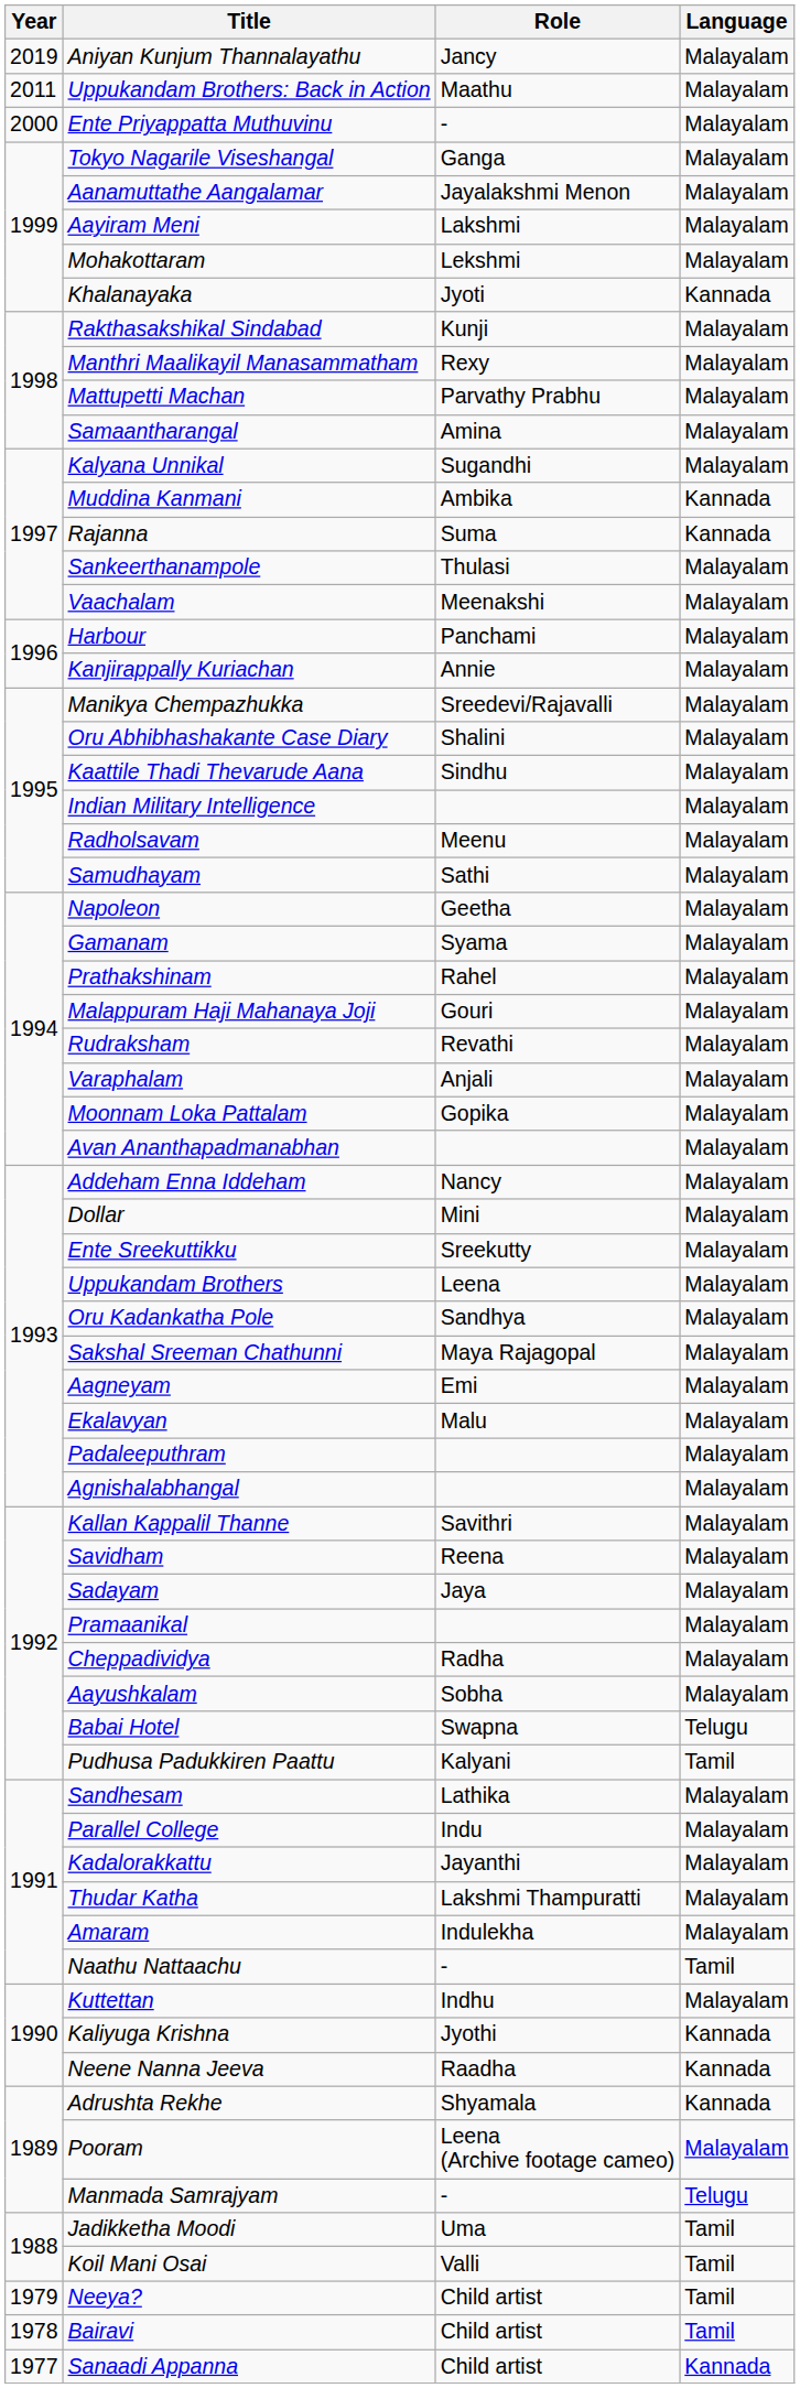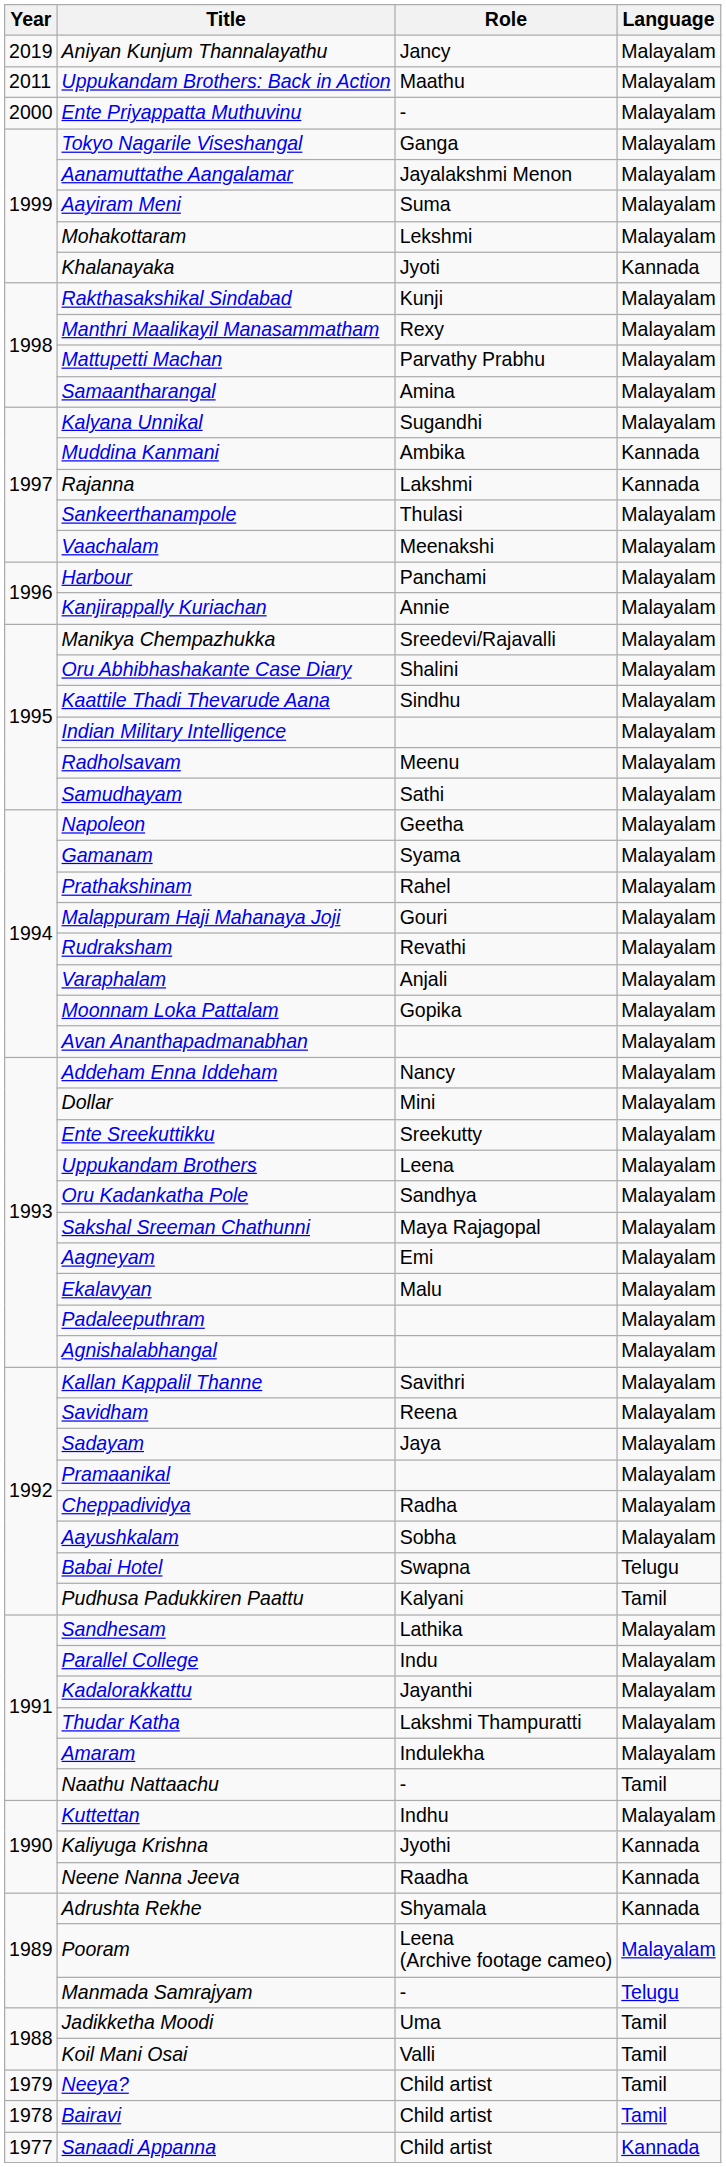 <table class="wikitable sortable">
 <tr>
 <th>Year</th>
 <th>Title</th>
 <th>Role</th>
 <th>Language</th>
 </tr>
 <tr>
 <td>2019</td>
 <td><em>Aniyan Kunjum Thannalayathu</em></td>
 <td>Jancy</td>
 <td>Malayalam</td>
 </tr>
 <tr>
 <td>2011</td>
 <td><em><a href='#'>Uppukandam Brothers: Back in Action</a></em></td>
 <td>Maathu</td>
 <td>Malayalam</td>
 </tr>
 <tr>
 <td>2000</td>
 <td><em><a href='#'>Ente Priyappatta Muthuvinu</a></em></td>
 <td>-</td>
 <td>Malayalam</td>
 </tr>
 <tr>
 <td rowspan=5>1999</td>
 <td><em><a href='#'>Tokyo Nagarile Viseshangal</a></em></td>
 <td>Ganga</td>
 <td>Malayalam</td>
 </tr>
 <tr>
 <td><em><a href='#'>Aanamuttathe Aangalamar</a></em></td>
 <td>Jayalakshmi Menon</td>
 <td>Malayalam</td>
 </tr>
 <tr>
 <td><em><a href='#'>Aayiram Meni</a></em></td>
-<td>Lakshmi</td>
+<td>Suma</td>
 <td>Malayalam</td>
 </tr>
 <tr>
 <td><em>Mohakottaram</em></td>
 <td>Lekshmi</td>
 <td>Malayalam</td>
 </tr>
 <tr>
 <td><em>Khalanayaka</em></td>
 <td>Jyoti</td>
 <td>Kannada</td>
 </tr>
 <tr>
 <td rowspan=4>1998</td>
 <td><em><a href='#'>Rakthasakshikal Sindabad</a></em></td>
 <td>Kunji</td>
 <td>Malayalam</td>
 </tr>
 <tr>
 <td><em><a href='#'>Manthri Maalikayil Manasammatham</a></em></td>
 <td>Rexy</td>
 <td>Malayalam</td>
 </tr>
 <tr>
 <td><em><a href='#'>Mattupetti Machan</a></em></td>
 <td>Parvathy Prabhu</td>
 <td>Malayalam</td>
 </tr>
 <tr>
 <td><em><a href='#'>Samaantharangal</a></em></td>
 <td>Amina</td>
 <td>Malayalam</td>
 </tr>
 <tr>
 <td rowspan=5>1997</td>
 <td><em><a href='#'>Kalyana Unnikal</a></em></td>
 <td>Sugandhi</td>
 <td>Malayalam</td>
 </tr>
 <tr>
 <td><em><a href='#'>Muddina Kanmani</a></em></td>
 <td>Ambika</td>
 <td>Kannada</td>
 </tr>
 <tr>
 <td><em>Rajanna</em></td>
-<td>Suma</td>
+<td>Lakshmi</td>
 <td>Kannada</td>
 </tr>
 <tr>
 <td><em><a href='#'>Sankeerthanampole</a></em></td>
 <td>Thulasi</td>
 <td>Malayalam</td>
 </tr>
 <tr>
 <td><em><a href='#'>Vaachalam</a></em></td>
 <td>Meenakshi</td>
 <td>Malayalam</td>
 </tr>
 <tr>
 <td rowspan=2>1996</td>
 <td><em><a href='#'>Harbour</a></em></td>
 <td>Panchami</td>
 <td>Malayalam</td>
 </tr>
 <tr>
 <td><em><a href='#'>Kanjirappally Kuriachan</a></em></td>
 <td>Annie</td>
 <td>Malayalam</td>
 </tr>
 <tr>
 <td rowspan=6>1995</td>
 <td><em>Manikya Chempazhukka</em></td>
 <td>Sreedevi/Rajavalli</td>
 <td>Malayalam</td>
 </tr>
 <tr>
 <td><em><a href='#'>Oru Abhibhashakante Case Diary</a></em></td>
 <td>Shalini</td>
 <td>Malayalam</td>
 </tr>
 <tr>
 <td><em><a href='#'>Kaattile Thadi Thevarude Aana</a></em></td>
 <td>Sindhu</td>
 <td>Malayalam</td>
 </tr>
 <tr>
 <td><em><a href='#'>Indian Military Intelligence</a></em></td>
 <td></td>
 <td>Malayalam</td>
 </tr>
 <tr>
 <td><em><a href='#'>Radholsavam</a></em></td>
 <td>Meenu</td>
 <td>Malayalam</td>
 </tr>
 <tr>
 <td><em><a href='#'>Samudhayam</a></em></td>
 <td>Sathi</td>
 <td>Malayalam</td>
 </tr>
 <tr>
 <td rowspan=8>1994</td>
 <td><em><a href='#'>Napoleon</a></em></td>
 <td>Geetha</td>
 <td>Malayalam</td>
 </tr>
 <tr>
 <td><em><a href='#'>Gamanam</a></em></td>
 <td>Syama</td>
 <td>Malayalam</td>
 </tr>
 <tr>
 <td><em><a href='#'>Prathakshinam</a></em></td>
 <td>Rahel</td>
 <td>Malayalam</td>
 </tr>
 <tr>
 <td><em><a href='#'>Malappuram Haji Mahanaya Joji</a></em></td>
 <td>Gouri</td>
 <td>Malayalam</td>
 </tr>
 <tr>
 <td><em><a href='#'>Rudraksham</a></em></td>
 <td>Revathi</td>
 <td>Malayalam</td>
 </tr>
 <tr>
 <td><em><a href='#'>Varaphalam</a></em></td>
 <td>Anjali</td>
 <td>Malayalam</td>
 </tr>
 <tr>
 <td><em><a href='#'>Moonnam Loka Pattalam</a></em></td>
 <td>Gopika</td>
 <td>Malayalam</td>
 </tr>
 <tr>
 <td><em><a href='#'>Avan Ananthapadmanabhan</a></em></td>
 <td></td>
 <td>Malayalam</td>
 </tr>
 <tr>
 <td rowspan=10>1993</td>
 <td><em><a href='#'>Addeham Enna Iddeham</a></em></td>
 <td>Nancy</td>
 <td>Malayalam</td>
 </tr>
 <tr>
 <td><em>Dollar</em></td>
 <td>Mini</td>
 <td>Malayalam</td>
 </tr>
 <tr>
 <td><em><a href='#'>Ente Sreekuttikku</a></em></td>
 <td>Sreekutty</td>
 <td>Malayalam</td>
 </tr>
 <tr>
 <td><em><a href='#'>Uppukandam Brothers</a></em></td>
 <td>Leena</td>
 <td>Malayalam</td>
 </tr>
 <tr>
 <td><em><a href='#'>Oru Kadankatha Pole</a></em></td>
 <td>Sandhya</td>
 <td>Malayalam</td>
 </tr>
 <tr>
 <td><em><a href='#'>Sakshal Sreeman Chathunni</a></em></td>
 <td>Maya Rajagopal</td>
 <td>Malayalam</td>
 </tr>
 <tr>
 <td><em><a href='#'>Aagneyam</a></em></td>
 <td>Emi</td>
 <td>Malayalam</td>
 </tr>
 <tr>
 <td><em><a href='#'>Ekalavyan</a></em></td>
 <td>Malu</td>
 <td>Malayalam</td>
 </tr>
 <tr>
 <td><em><a href='#'>Padaleeputhram</a></em></td>
 <td></td>
 <td>Malayalam</td>
 </tr>
 <tr>
 <td><em><a href='#'>Agnishalabhangal</a></em></td>
 <td></td>
 <td>Malayalam</td>
 </tr>
 <tr>
 <td rowspan=8>1992</td>
 <td><em><a href='#'>Kallan Kappalil Thanne</a></em></td>
 <td>Savithri</td>
 <td>Malayalam</td>
 </tr>
 <tr>
 <td><em><a href='#'>Savidham</a></em></td>
 <td>Reena</td>
 <td>Malayalam</td>
 </tr>
 <tr>
 <td><em><a href='#'>Sadayam</a></em></td>
 <td>Jaya</td>
 <td>Malayalam</td>
 </tr>
 <tr>
 <td><em><a href='#'>Pramaanikal</a></em></td>
 <td></td>
 <td>Malayalam</td>
 </tr>
 <tr>
 <td><em><a href='#'>Cheppadividya</a></em></td>
 <td>Radha</td>
 <td>Malayalam</td>
 </tr>
 <tr>
 <td><em><a href='#'>Aayushkalam</a></em></td>
 <td>Sobha</td>
 <td>Malayalam</td>
 </tr>
 <tr>
 <td><em><a href='#'>Babai Hotel</a></em></td>
 <td>Swapna</td>
 <td>Telugu</td>
 </tr>
 <tr>
 <td><em>Pudhusa Padukkiren Paattu</em></td>
 <td>Kalyani</td>
 <td>Tamil</td>
 </tr>
 <tr>
 <td rowspan=6>1991</td>
 <td><em><a href='#'>Sandhesam</a></em></td>
 <td>Lathika</td>
 <td>Malayalam</td>
 </tr>
 <tr>
 <td><em><a href='#'>Parallel College</a></em></td>
 <td>Indu</td>
 <td>Malayalam</td>
 </tr>
 <tr>
 <td><em><a href='#'>Kadalorakkattu</a></em></td>
 <td>Jayanthi</td>
 <td>Malayalam</td>
 </tr>
 <tr>
 <td><em><a href='#'>Thudar Katha</a></em></td>
 <td>Lakshmi Thampuratti</td>
 <td>Malayalam</td>
 </tr>
 <tr>
 <td><em><a href='#'>Amaram</a></em></td>
 <td>Indulekha</td>
 <td>Malayalam</td>
 </tr>
 <tr>
 <td><em>Naathu Nattaachu</em></td>
 <td>-</td>
 <td>Tamil</td>
 </tr>
 <tr>
 <td rowspan=3>1990</td>
 <td><em><a href='#'>Kuttettan</a></em></td>
 <td>Indhu</td>
 <td>Malayalam</td>
 </tr>
 <tr>
 <td><em>Kaliyuga Krishna</em></td>
 <td>Jyothi</td>
 <td>Kannada</td>
 </tr>
 <tr>
 <td><em>Neene Nanna Jeeva</em></td>
 <td>Raadha</td>
 <td>Kannada</td>
 </tr>
 <tr>
 <td rowspan=3>1989</td>
 <td><em>Adrushta Rekhe</em></td>
 <td>Shyamala</td>
 <td>Kannada</td>
 </tr>
 <tr>
 <td><em>Pooram</em></td>
 <td>Leena <br>(Archive footage cameo)</td>
 <td><a href='#'>Malayalam</a></td>
 </tr>
 <tr>
 <td><em>Manmada Samrajyam</em></td>
 <td>-</td>
 <td><a href='#'>Telugu</a></td>
 </tr>
 <tr>
 <td rowspan=2>1988</td>
 <td><em>Jadikketha Moodi</em></td>
 <td>Uma</td>
 <td>Tamil</td>
 </tr>
 <tr>
 <td><em>Koil Mani Osai</em></td>
 <td>Valli</td>
 <td>Tamil</td>
 </tr>
 <tr>
 <td>1979</td>
 <td><em><a href='#'>Neeya?</a></em></td>
 <td>Child artist</td>
 <td>Tamil</td>
 </tr>
 <tr>
 <td>1978</td>
 <td><em><a href='#'>Bairavi</a></em></td>
 <td>Child artist</td>
 <td><a href='#'>Tamil</a></td>
 </tr>
 <tr>
 <td>1977</td>
 <td><em><a href='#'>Sanaadi Appanna</a></em></td>
 <td>Child artist</td>
 <td><a href='#'>Kannada</a></td>
 </tr>
 <tr>
 </tr>
 </table>
